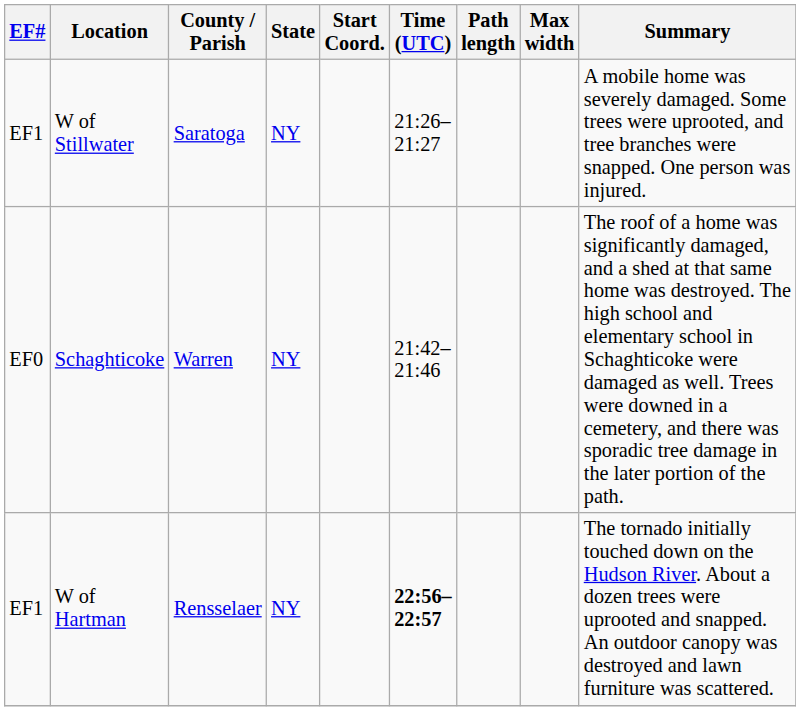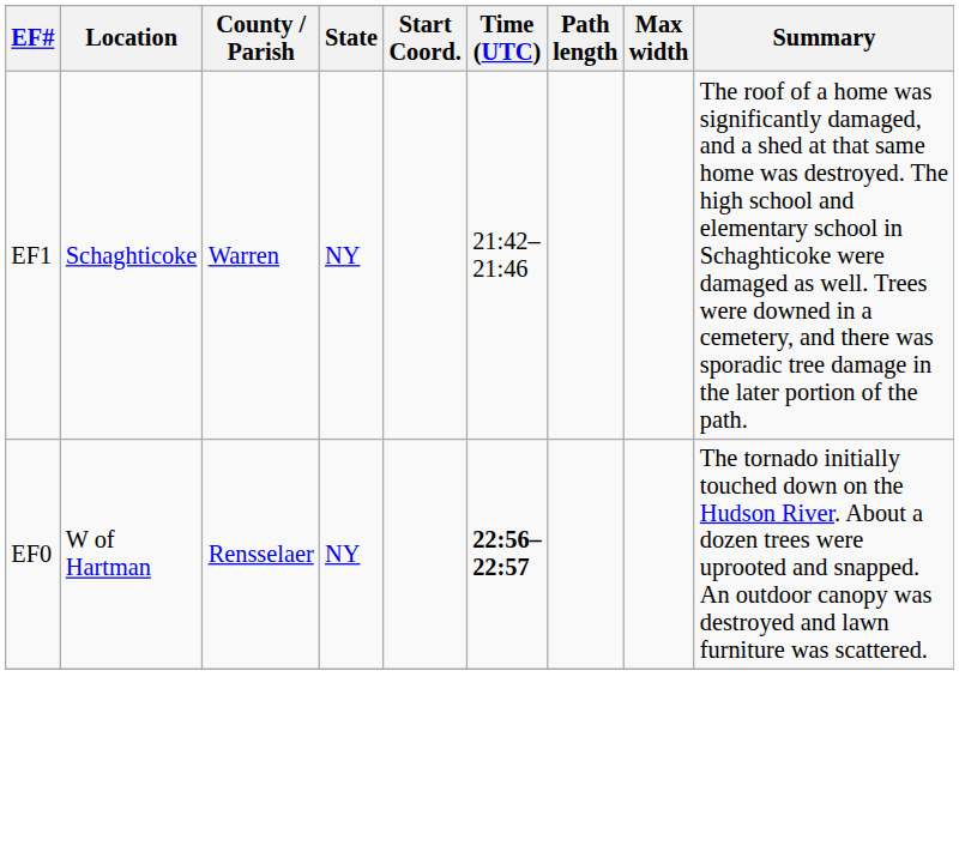 <table class="wikitable sortable" style="width:100%;">
 <tr>
 <th scope="col"  style="width:3%; text-align:center;"><a href='#'>EF#</a></th>
 <th scope="col"  style="width:7%; text-align:center;" class="unsortable">Location</th>
 <th scope="col"  style="width:6%; text-align:center;" class="unsortable">County / Parish</th>
 <th scope="col"  style="width:5%; text-align:center;">State</th>
 <th scope="col"  style="width:6%; text-align:center;">Start Coord.</th>
 <th scope="col"  style="width:6%; text-align:center;">Time (<a href='#'>UTC</a>)</th>
 <th scope="col"  style="width:6%; text-align:center;">Path length</th>
 <th scope="col"  style="width:6%; text-align:center;">Max width</th>
 <th scope="col" class="unsortable" style="width:48%; text-align:center;">Summary</th>
 </tr>
 <tr>
 <td>EF1</td>
-<td>W of <a href='#'>Stillwater</a></td>
-<td><a href='#'>Saratoga</a></td>
-<td><a href='#'>NY</a></td>
-<td></td>
-<td>21:26–21:27</td>
-<td></td>
-<td></td>
-<td>A mobile home was severely damaged. Some trees were uprooted, and tree branches were snapped. One person was injured.</td>
-</tr>
-<tr>
-<td>EF0</td>
 <td><a href='#'>Schaghticoke</a></td>
 <td><a href='#'>Warren</a></td>
 <td><a href='#'>NY</a></td>
 <td></td>
 <td>21:42–21:46</td>
 <td></td>
 <td></td>
 <td>The roof of a home was significantly damaged, and a shed at that same home was destroyed. The high school and elementary school in Schaghticoke were damaged as well. Trees were downed in a cemetery, and there was sporadic tree damage in the later portion of the path.</td>
 </tr>
 <tr>
-<td>EF1</td>
+<td>EF0</td>
 <td>W of <a href='#'>Hartman</a></td>
 <td><a href='#'>Rensselaer</a></td>
 <td><a href='#'>NY</a></td>
 <td></td>
 <td><strong>22:56–22:57</strong></td>
 <td></td>
 <td></td>
 <td>The tornado initially touched down on the <a href='#'>Hudson River</a>. About a dozen trees were uprooted and snapped. An  outdoor canopy was destroyed and lawn furniture was scattered.</td>
 </tr>
 <tr>
 </tr>
 </table>
